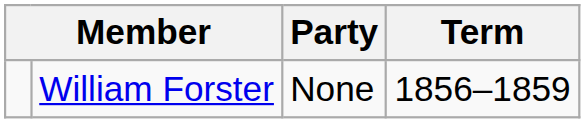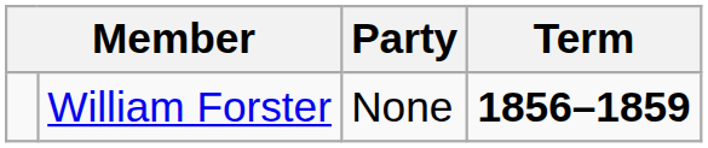 <table class="wikitable">
 <tr>
 <th colspan="2">Member</th>
 <th>Party</th>
 <th>Term</th>
 </tr>
 <tr>
 <td> </td>
 <td><a href='#'>William Forster</a></td>
 <td>None</td>
-<td>1856–1859</td>
+<td><strong>1856–1859</strong></td>
 </tr>
 </table>
